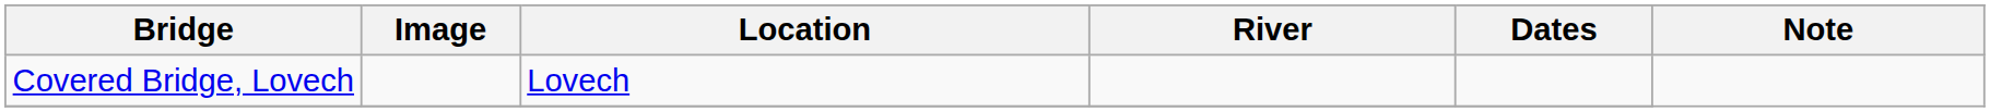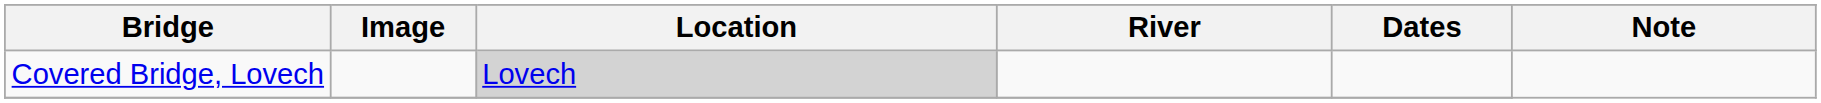 <table class="wikitable sortable">
 <tr>
 <th width = 18%>Bridge</th>
 <th width = 8% class="unsortable">Image</th>
 <th>Location</th>
 <th>River</th>
 <th width = 10%>Dates</th>
 <th class="unsortable">Note</th>
 </tr>
 <tr>
 <td><a href='#'>Covered Bridge, Lovech</a></td>
 <td></td>
-<td><a href='#'>Lovech</a></td>
+<td style="background: lightgrey;"><a href='#'>Lovech</a></td>
 <td></td>
 <td></td>
 </tr>
 <tr>
 </tr>
 </table>
